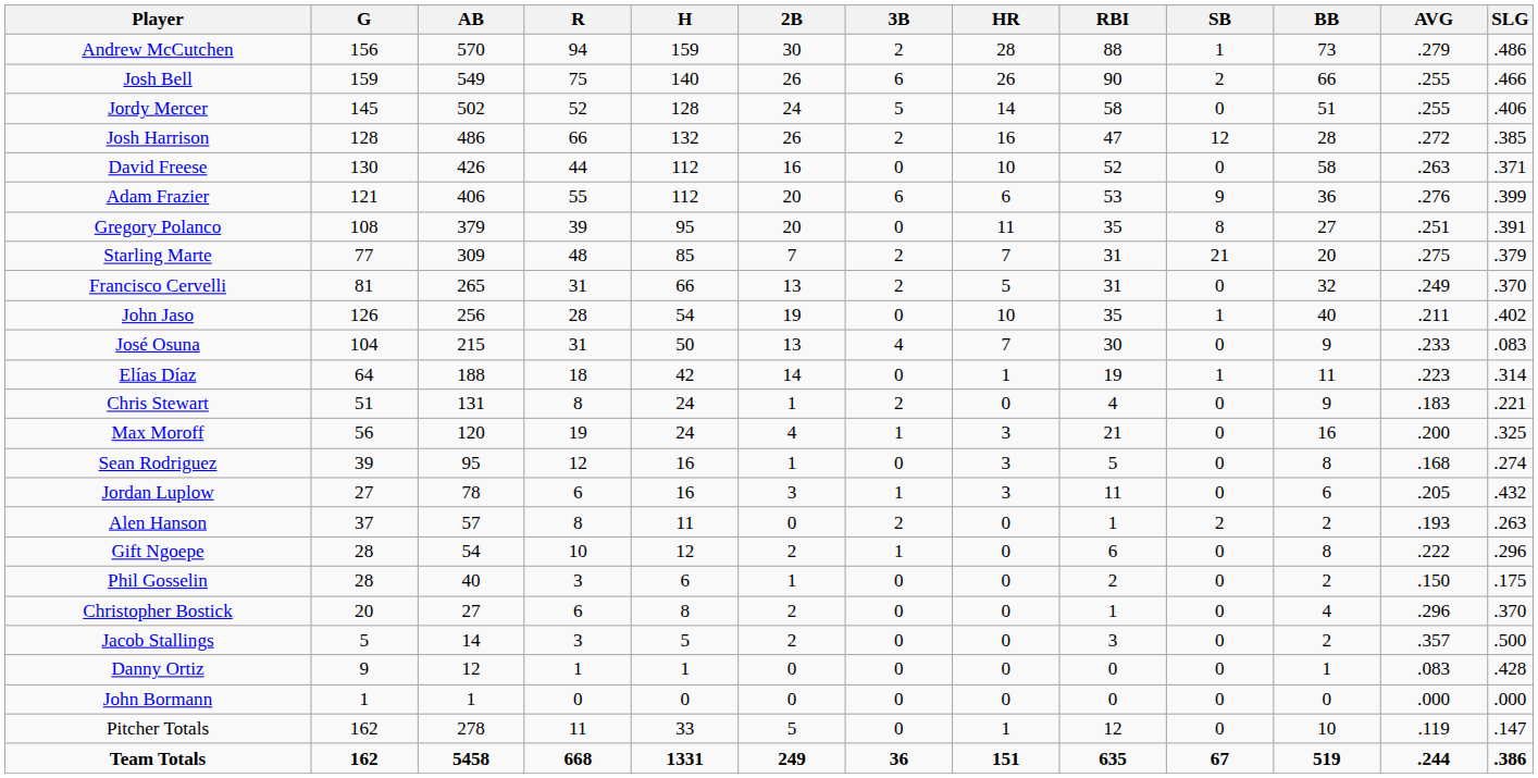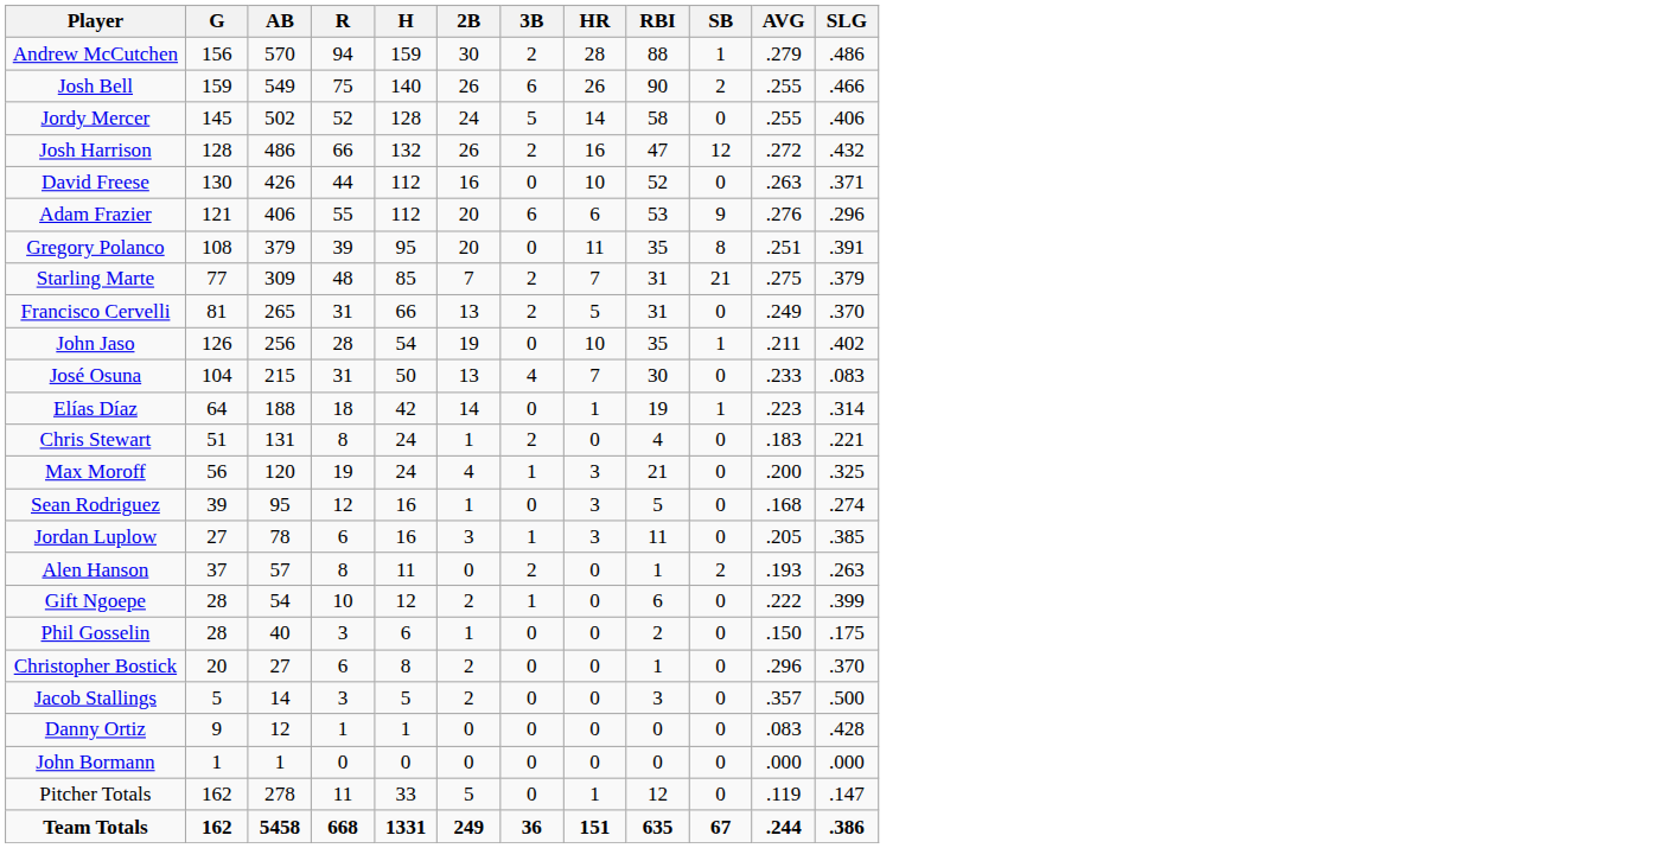 <table class=wikitable style="text-align:center">
 <tr>
 <th bgcolor=#DDDDFF; width="20%">Player</th>
 <th bgcolor=#DDDDFF; width="7%">G</th>
 <th bgcolor=#DDDDFF; width="7%">AB</th>
 <th bgcolor=#DDDDFF; width="7%">R</th>
 <th bgcolor=#DDDDFF; width="7%'">H</th>
 <th bgcolor=#DDDDFF; width="7%">2B</th>
 <th bgcolor=#DDDDFF; width="7%">3B</th>
 <th bgcolor=#DDDDFF; width="7%">HR</th>
 <th bgcolor=#DDDDFF; width="7%">RBI</th>
 <th bgcolor=#DDDDFF; width="7%">SB</th>
-<th bgcolor=#DDDDFF; width="7%">BB</th>
 <th bgcolor=#DDDDFF; width="7%">AVG</th>
 <th bgcolor=#DDDDFF; width="7%">SLG</th>
 </tr>
 <tr>
 <td><a href='#'>Andrew McCutchen</a></td>
 <td>156</td>
 <td>570</td>
 <td>94</td>
 <td>159</td>
 <td>30</td>
 <td>2</td>
 <td>28</td>
 <td>88</td>
 <td>1</td>
-<td>73</td>
 <td>.279</td>
 <td>.486</td>
 </tr>
 <tr>
 <td><a href='#'>Josh Bell</a></td>
 <td>159</td>
 <td>549</td>
 <td>75</td>
 <td>140</td>
 <td>26</td>
 <td>6</td>
 <td>26</td>
 <td>90</td>
 <td>2</td>
-<td>66</td>
 <td>.255</td>
 <td>.466</td>
 </tr>
 <tr>
 <td><a href='#'>Jordy Mercer</a></td>
 <td>145</td>
 <td>502</td>
 <td>52</td>
 <td>128</td>
 <td>24</td>
 <td>5</td>
 <td>14</td>
 <td>58</td>
 <td>0</td>
-<td>51</td>
 <td>.255</td>
 <td>.406</td>
 </tr>
 <tr>
 <td><a href='#'>Josh Harrison</a></td>
 <td>128</td>
 <td>486</td>
 <td>66</td>
 <td>132</td>
 <td>26</td>
 <td>2</td>
 <td>16</td>
 <td>47</td>
 <td>12</td>
-<td>28</td>
 <td>.272</td>
-<td>.385</td>
+<td>.432</td>
 </tr>
 <tr>
 <td><a href='#'>David Freese</a></td>
 <td>130</td>
 <td>426</td>
 <td>44</td>
 <td>112</td>
 <td>16</td>
 <td>0</td>
 <td>10</td>
 <td>52</td>
 <td>0</td>
-<td>58</td>
 <td>.263</td>
 <td>.371</td>
 </tr>
 <tr>
 <td><a href='#'>Adam Frazier</a></td>
 <td>121</td>
 <td>406</td>
 <td>55</td>
 <td>112</td>
 <td>20</td>
 <td>6</td>
 <td>6</td>
 <td>53</td>
 <td>9</td>
-<td>36</td>
 <td>.276</td>
-<td>.399</td>
+<td>.296</td>
 </tr>
 <tr>
 <td><a href='#'>Gregory Polanco</a></td>
 <td>108</td>
 <td>379</td>
 <td>39</td>
 <td>95</td>
 <td>20</td>
 <td>0</td>
 <td>11</td>
 <td>35</td>
 <td>8</td>
-<td>27</td>
 <td>.251</td>
 <td>.391</td>
 </tr>
 <tr>
 <td><a href='#'>Starling Marte</a></td>
 <td>77</td>
 <td>309</td>
 <td>48</td>
 <td>85</td>
 <td>7</td>
 <td>2</td>
 <td>7</td>
 <td>31</td>
 <td>21</td>
-<td>20</td>
 <td>.275</td>
 <td>.379</td>
 </tr>
 <tr>
 <td><a href='#'>Francisco Cervelli</a></td>
 <td>81</td>
 <td>265</td>
 <td>31</td>
 <td>66</td>
 <td>13</td>
 <td>2</td>
 <td>5</td>
 <td>31</td>
 <td>0</td>
-<td>32</td>
 <td>.249</td>
 <td>.370</td>
 </tr>
 <tr>
 <td><a href='#'>John Jaso</a></td>
 <td>126</td>
 <td>256</td>
 <td>28</td>
 <td>54</td>
 <td>19</td>
 <td>0</td>
 <td>10</td>
 <td>35</td>
 <td>1</td>
-<td>40</td>
 <td>.211</td>
 <td>.402</td>
 </tr>
 <tr>
 <td><a href='#'>José Osuna</a></td>
 <td>104</td>
 <td>215</td>
 <td>31</td>
 <td>50</td>
 <td>13</td>
 <td>4</td>
 <td>7</td>
 <td>30</td>
 <td>0</td>
-<td>9</td>
 <td>.233</td>
 <td>.083</td>
 </tr>
 <tr>
 <td><a href='#'>Elías Díaz</a></td>
 <td>64</td>
 <td>188</td>
 <td>18</td>
 <td>42</td>
 <td>14</td>
 <td>0</td>
 <td>1</td>
 <td>19</td>
 <td>1</td>
-<td>11</td>
 <td>.223</td>
 <td>.314</td>
 </tr>
 <tr>
 <td><a href='#'>Chris Stewart</a></td>
 <td>51</td>
 <td>131</td>
 <td>8</td>
 <td>24</td>
 <td>1</td>
 <td>2</td>
 <td>0</td>
 <td>4</td>
 <td>0</td>
-<td>9</td>
 <td>.183</td>
 <td>.221</td>
 </tr>
 <tr>
 <td><a href='#'>Max Moroff</a></td>
 <td>56</td>
 <td>120</td>
 <td>19</td>
 <td>24</td>
 <td>4</td>
 <td>1</td>
 <td>3</td>
 <td>21</td>
 <td>0</td>
-<td>16</td>
 <td>.200</td>
 <td>.325</td>
 </tr>
 <tr>
 <td><a href='#'>Sean Rodriguez</a></td>
 <td>39</td>
 <td>95</td>
 <td>12</td>
 <td>16</td>
 <td>1</td>
 <td>0</td>
 <td>3</td>
 <td>5</td>
 <td>0</td>
-<td>8</td>
 <td>.168</td>
 <td>.274</td>
 </tr>
 <tr>
 <td><a href='#'>Jordan Luplow</a></td>
 <td>27</td>
 <td>78</td>
 <td>6</td>
 <td>16</td>
 <td>3</td>
 <td>1</td>
 <td>3</td>
 <td>11</td>
 <td>0</td>
-<td>6</td>
 <td>.205</td>
-<td>.432</td>
+<td>.385</td>
 </tr>
 <tr>
 <td><a href='#'>Alen Hanson</a></td>
 <td>37</td>
 <td>57</td>
 <td>8</td>
 <td>11</td>
 <td>0</td>
 <td>2</td>
 <td>0</td>
 <td>1</td>
-<td>2</td>
 <td>2</td>
 <td>.193</td>
 <td>.263</td>
 </tr>
 <tr>
 <td><a href='#'>Gift Ngoepe</a></td>
 <td>28</td>
 <td>54</td>
 <td>10</td>
 <td>12</td>
 <td>2</td>
 <td>1</td>
 <td>0</td>
 <td>6</td>
 <td>0</td>
-<td>8</td>
 <td>.222</td>
-<td>.296</td>
+<td>.399</td>
 </tr>
 <tr>
 <td><a href='#'>Phil Gosselin</a></td>
 <td>28</td>
 <td>40</td>
 <td>3</td>
 <td>6</td>
 <td>1</td>
 <td>0</td>
 <td>0</td>
 <td>2</td>
 <td>0</td>
-<td>2</td>
 <td>.150</td>
 <td>.175</td>
 </tr>
 <tr>
 <td><a href='#'>Christopher Bostick</a></td>
 <td>20</td>
 <td>27</td>
 <td>6</td>
 <td>8</td>
 <td>2</td>
 <td>0</td>
 <td>0</td>
 <td>1</td>
 <td>0</td>
-<td>4</td>
 <td>.296</td>
 <td>.370</td>
 </tr>
 <tr>
 <td><a href='#'>Jacob Stallings</a></td>
 <td>5</td>
 <td>14</td>
 <td>3</td>
 <td>5</td>
 <td>2</td>
 <td>0</td>
 <td>0</td>
 <td>3</td>
 <td>0</td>
-<td>2</td>
 <td>.357</td>
 <td>.500</td>
 </tr>
 <tr>
 <td><a href='#'>Danny Ortiz</a></td>
 <td>9</td>
 <td>12</td>
 <td>1</td>
 <td>1</td>
 <td>0</td>
 <td>0</td>
 <td>0</td>
 <td>0</td>
 <td>0</td>
-<td>1</td>
 <td>.083</td>
 <td>.428</td>
 </tr>
 <tr>
 <td><a href='#'>John Bormann</a></td>
 <td>1</td>
 <td>1</td>
-<td>0</td>
 <td>0</td>
 <td>0</td>
 <td>0</td>
 <td>0</td>
 <td>0</td>
 <td>0</td>
 <td>0</td>
 <td>.000</td>
 <td>.000</td>
 </tr>
 <tr>
 <td>Pitcher Totals</td>
 <td>162</td>
 <td>278</td>
 <td>11</td>
 <td>33</td>
 <td>5</td>
 <td>0</td>
 <td>1</td>
 <td>12</td>
 <td>0</td>
-<td>10</td>
 <td>.119</td>
 <td>.147</td>
 </tr>
 <tr>
 <td><strong>Team Totals</strong></td>
 <td><strong>162</strong></td>
 <td><strong>5458</strong></td>
 <td><strong>668</strong></td>
 <td><strong>1331</strong></td>
 <td><strong>249</strong></td>
 <td><strong>36</strong></td>
 <td><strong>151</strong></td>
 <td><strong>635</strong></td>
 <td><strong>67</strong></td>
-<td><strong>519</strong></td>
 <td><strong>.244</strong></td>
 <td><strong>.386</strong></td>
 </tr>
 </table>
